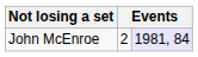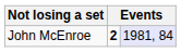 <table class="wikitable" style="display:inline-table;">
 <tr>
 <th>Not losing a set</th>
 <th colspan="2">Events</th>
 </tr>
 <tr>
 <td> John McEnroe</td>
-<td>2</td>
+<td><strong>2</strong></td>
 <td style="background: lavender;">1981, 84</td>
 </tr>
 </table>
